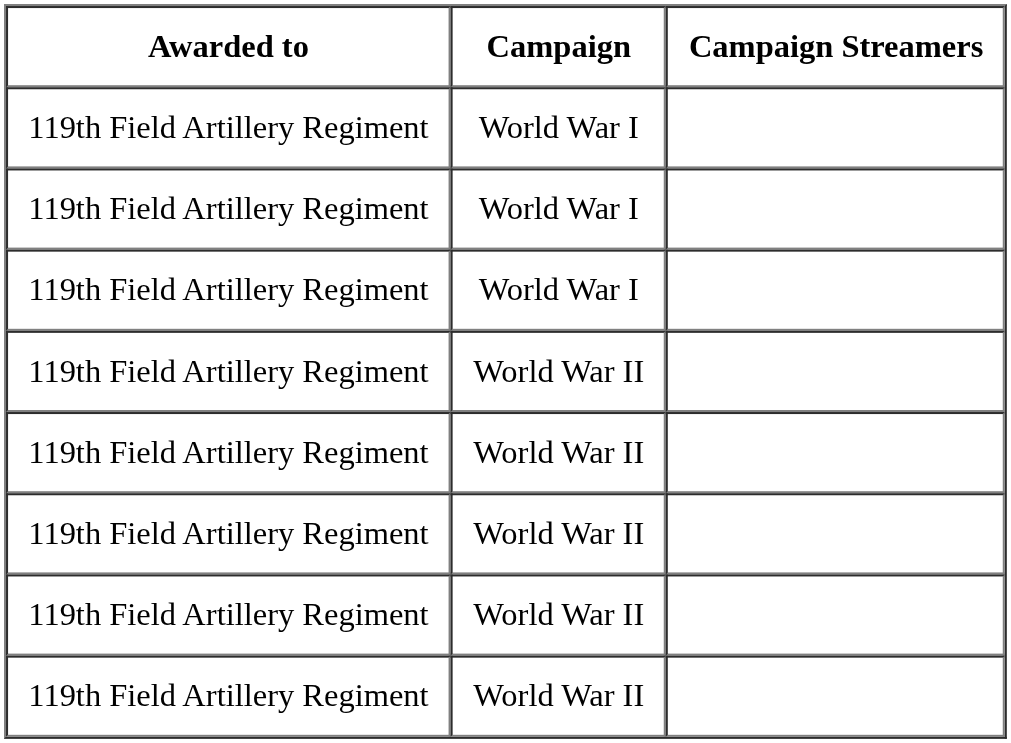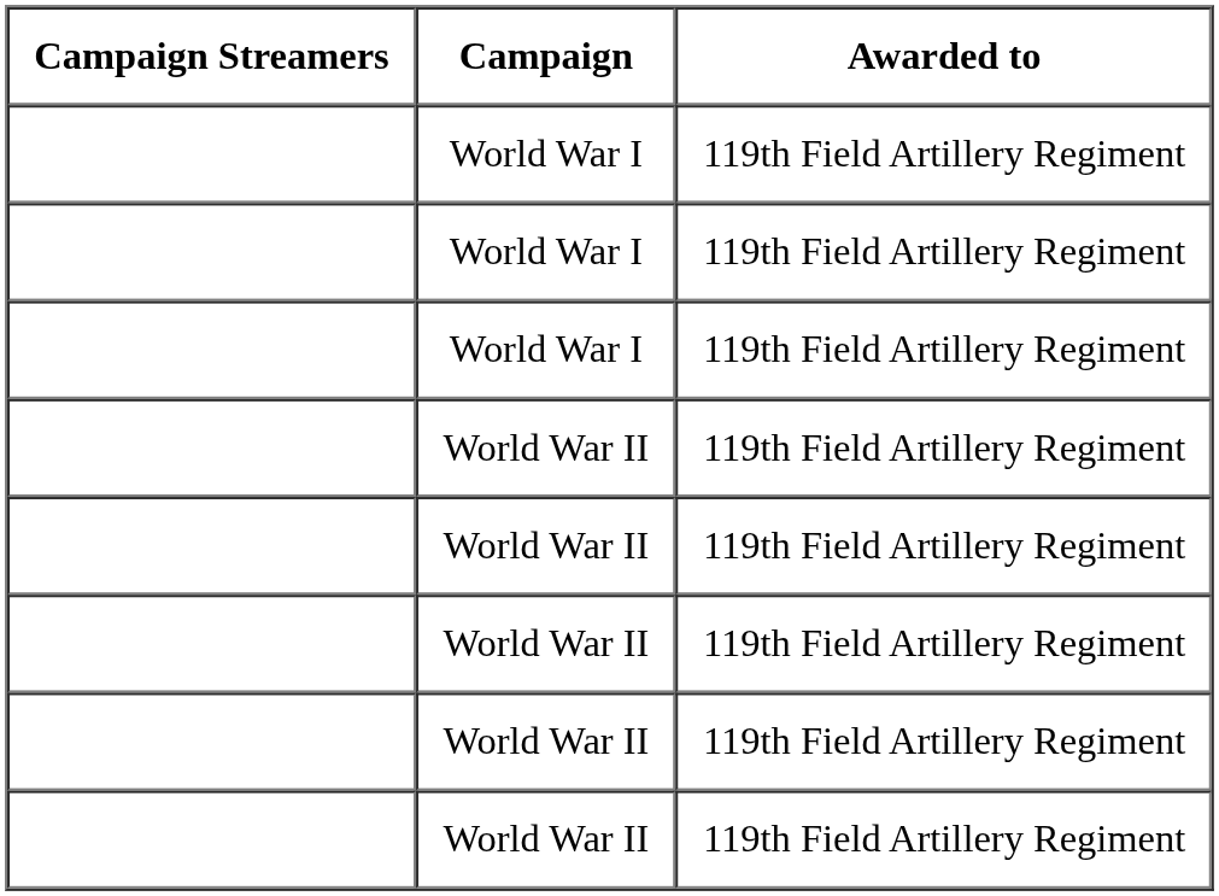 <table border="1" cellpadding="10" cellspacing="0" style="text-align: center;">
 <tr style="background*#efefef;">
+<th>Campaign Streamers</th>
+<th>Campaign</th>
 <th>Awarded to</th>
-<th>Campaign</th>
-<th>Campaign Streamers</th>
 </tr>
 <tr>
+<td></td>
+<td>World War I</td>
 <td>119th Field Artillery Regiment</td>
-<td>World War I</td>
-<td></td>
 </tr>
 <tr>
+<td></td>
+<td>World War I</td>
 <td>119th Field Artillery Regiment</td>
-<td>World War I</td>
-<td></td>
 </tr>
 <tr>
+<td></td>
+<td>World War I</td>
 <td>119th Field Artillery Regiment</td>
-<td>World War I</td>
-<td></td>
 </tr>
 <tr>
+<td></td>
+<td>World War II</td>
 <td>119th Field Artillery Regiment</td>
-<td>World War II</td>
-<td></td>
 </tr>
 <tr>
+<td></td>
+<td>World War II</td>
 <td>119th Field Artillery Regiment</td>
-<td>World War II</td>
-<td></td>
 </tr>
 <tr>
+<td></td>
+<td>World War II</td>
 <td>119th Field Artillery Regiment</td>
-<td>World War II</td>
-<td></td>
 </tr>
 <tr>
+<td></td>
+<td>World War II</td>
 <td>119th Field Artillery Regiment</td>
-<td>World War II</td>
-<td></td>
 </tr>
 <tr>
+<td></td>
+<td>World War II</td>
 <td>119th Field Artillery Regiment</td>
-<td>World War II</td>
-<td></td>
 </tr>
 </table>
